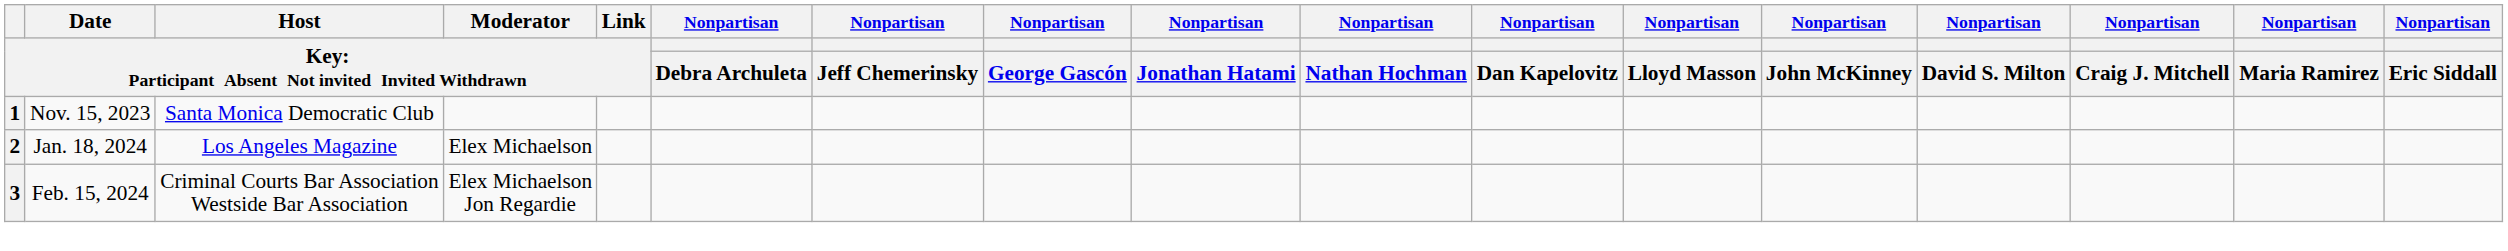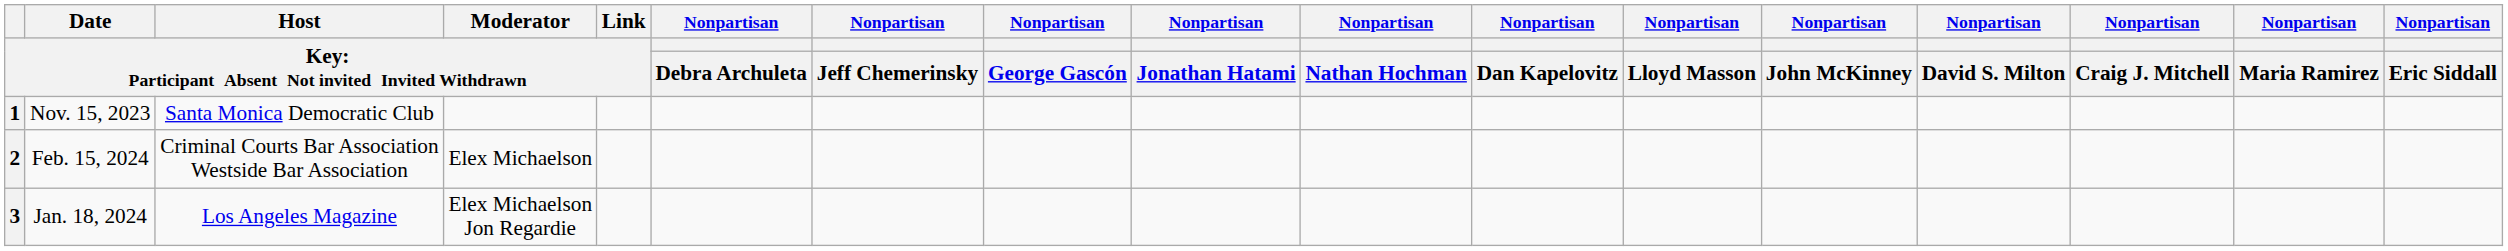 <table class="wikitable" style="text-align:center;">
 <tr>
 <th scope="col"></th>
 <th scope="col">Date</th>
 <th scope="col">Host</th>
 <th scope="col">Moderator</th>
 <th scope="col">Link</th>
 <th scope="col"><small><a href='#'>Nonpartisan</a></small></th>
 <th scope="col"><small><a href='#'>Nonpartisan</a></small></th>
 <th scope="col"><small><a href='#'>Nonpartisan</a></small></th>
 <th scope="col"><small><a href='#'>Nonpartisan</a></small></th>
 <th scope="col"><small><a href='#'>Nonpartisan</a></small></th>
 <th scope="col"><small><a href='#'>Nonpartisan</a></small></th>
 <th scope="col"><small><a href='#'>Nonpartisan</a></small></th>
 <th scope="col"><small><a href='#'>Nonpartisan</a></small></th>
 <th scope="col"><small><a href='#'>Nonpartisan</a></small></th>
 <th scope="col"><small><a href='#'>Nonpartisan</a></small></th>
 <th scope="col"><small><a href='#'>Nonpartisan</a></small></th>
 <th scope="col"><small><a href='#'>Nonpartisan</a></small></th>
 </tr>
 <tr>
 <th colspan="5" rowspan="2">Key:<br> <small>Participant </small>  <small>Absent </small>  <small>Not invited </small>  <small>Invited  Withdrawn</small></th>
 <th scope="col" style="background:"></th>
 <th scope="col" style="background:"></th>
 <th scope="col" style="background:"></th>
 <th scope="col" style="background:"></th>
 <th scope="col" style="background:"></th>
 <th scope="col" style="background:"></th>
 <th scope="col" style="background:"></th>
 <th scope="col" style="background:"></th>
 <th scope="col" style="background:"></th>
 <th scope="col" style="background:"></th>
 <th scope="col" style="background:"></th>
 <th scope="col" style="background:"></th>
 </tr>
 <tr>
 <th scope="col">Debra Archuleta</th>
 <th scope="col">Jeff Chemerinsky</th>
 <th scope="col"><a href='#'>George Gascón</a></th>
 <th scope="col"><a href='#'>Jonathan Hatami</a></th>
 <th scope="col"><a href='#'>Nathan Hochman</a></th>
 <th scope="col">Dan Kapelovitz</th>
 <th scope="col">Lloyd Masson</th>
 <th scope="col">John McKinney</th>
 <th scope="col">David S. Milton</th>
 <th scope="col">Craig J. Mitchell</th>
 <th scope="col">Maria Ramirez</th>
 <th scope="col">Eric Siddall</th>
 </tr>
 <tr>
 <th>1</th>
 <td style="white-space:nowrap;">Nov. 15, 2023</td>
 <td style="white-space:nowrap;"><a href='#'>Santa Monica</a> Democratic Club</td>
 <td style="white-space:nowrap;"></td>
 <td style="white-space:nowrap;"></td>
 <td></td>
 <td></td>
 <td></td>
 <td></td>
 <td></td>
 <td></td>
 <td></td>
 <td></td>
 <td></td>
 <td></td>
 <td></td>
 <td></td>
 </tr>
 <tr>
 <th>2</th>
-<td style="white-space:nowrap;">Jan. 18, 2024</td>
-<td style="white-space:nowrap;"><a href='#'>Los Angeles Magazine</a></td>
+<td style="white-space:nowrap;">Feb. 15, 2024</td>
+<td style="white-space:nowrap;">Criminal Courts Bar Association<br>Westside Bar Association</td>
 <td style="white-space:nowrap;">Elex Michaelson</td>
 <td style="white-space:nowrap;"></td>
 <td></td>
 <td></td>
 <td></td>
 <td></td>
 <td></td>
 <td></td>
 <td></td>
 <td></td>
 <td></td>
 <td></td>
 <td></td>
 <td></td>
 </tr>
 <tr>
 <th>3</th>
-<td style="white-space:nowrap;">Feb. 15, 2024</td>
-<td style="white-space:nowrap;">Criminal Courts Bar Association<br>Westside Bar Association</td>
+<td style="white-space:nowrap;">Jan. 18, 2024</td>
+<td style="white-space:nowrap;"><a href='#'>Los Angeles Magazine</a></td>
 <td style="white-space:nowrap;">Elex Michaelson<br>Jon Regardie</td>
 <td style="white-space:nowrap;"></td>
 <td></td>
 <td></td>
 <td></td>
 <td></td>
 <td></td>
 <td></td>
 <td></td>
 <td></td>
 <td></td>
 <td></td>
 <td></td>
 <td></td>
 </tr>
 </table>
